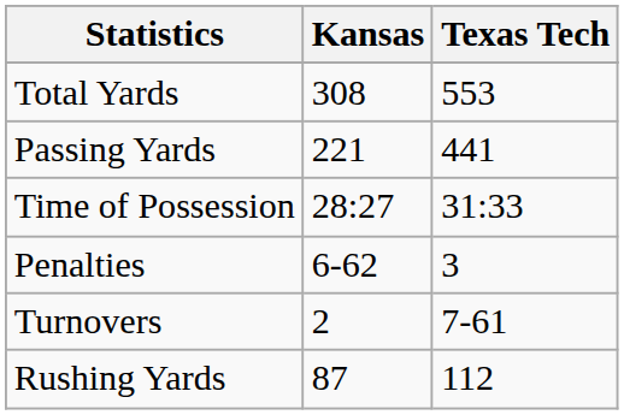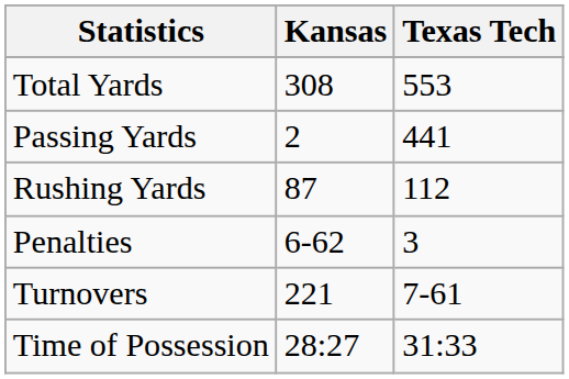 <table class="wikitable">
 <tr>
 <th>Statistics</th>
 <th>Kansas</th>
 <th>Texas Tech</th>
 </tr>
 <tr>
 </tr>
 <tr>
 <td>Total Yards</td>
 <td>308</td>
 <td>553</td>
 </tr>
 <tr>
 <td>Passing Yards</td>
-<td>221</td>
+<td>2</td>
 <td>441</td>
 </tr>
 <tr>
-<td>Time of Possession</td>
-<td>28:27</td>
-<td>31:33</td>
+<td>Rushing Yards</td>
+<td>87</td>
+<td>112</td>
 </tr>
 <tr>
 <td>Penalties</td>
 <td>6-62</td>
 <td>3</td>
 </tr>
 <tr>
 <td>Turnovers</td>
-<td>2</td>
+<td>221</td>
 <td>7-61</td>
 </tr>
 <tr>
-<td>Rushing Yards</td>
-<td>87</td>
-<td>112</td>
+<td>Time of Possession</td>
+<td>28:27</td>
+<td>31:33</td>
 </tr>
 </table>
